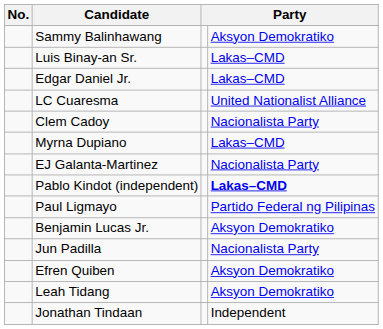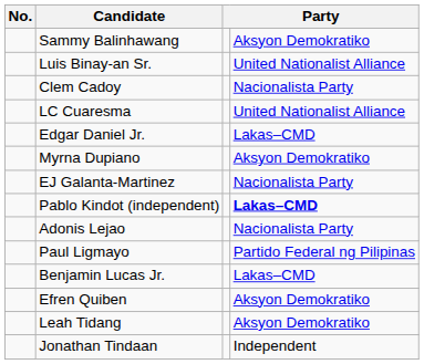 <table class="wikitable sortable" style="text-align:left;">
 <tr>
 <th>No.</th>
 <th>Candidate</th>
 <th colspan="2">Party</th>
 </tr>
 <tr>
 <td></td>
 <td>Sammy Balinhawang</td>
 <td></td>
 <td><a href='#'>Aksyon Demokratiko</a></td>
 </tr>
 <tr>
 <td></td>
 <td>Luis Binay-an Sr.</td>
 <td></td>
-<td><a href='#'>Lakas–CMD</a></td>
-</tr>
-<tr>
-<td></td>
-<td>Edgar Daniel Jr.</td>
-<td></td>
-<td><a href='#'>Lakas–CMD</a></td>
-</tr>
-<tr>
-<td></td>
-<td>LC Cuaresma</td>
-<td></td>
 <td><a href='#'>United Nationalist Alliance</a></td>
 </tr>
 <tr>
 <td></td>
 <td>Clem Cadoy</td>
 <td></td>
 <td><a href='#'>Nacionalista Party</a></td>
 </tr>
 <tr>
 <td></td>
+<td>LC Cuaresma</td>
+<td></td>
+<td><a href='#'>United Nationalist Alliance</a></td>
+</tr>
+<tr>
+<td></td>
+<td>Edgar Daniel Jr.</td>
+<td></td>
+<td><a href='#'>Lakas–CMD</a></td>
+</tr>
+<tr>
+<td></td>
 <td>Myrna Dupiano</td>
 <td></td>
-<td><a href='#'>Lakas–CMD</a></td>
+<td><a href='#'>Aksyon Demokratiko</a></td>
 </tr>
 <tr>
 <td></td>
 <td>EJ Galanta-Martinez</td>
 <td></td>
 <td><a href='#'>Nacionalista Party</a></td>
 </tr>
 <tr>
 <td></td>
 <td>Pablo Kindot (independent)</td>
 <td></td>
 <td><strong><a href='#'>Lakas–CMD</a></strong></td>
 </tr>
 <tr>
 <td></td>
+<td>Adonis Lejao</td>
+<td></td>
+<td><a href='#'>Nacionalista Party</a></td>
+</tr>
+<tr>
+<td></td>
 <td>Paul Ligmayo</td>
 <td></td>
 <td><a href='#'>Partido Federal ng Pilipinas</a></td>
 </tr>
 <tr>
 <td></td>
 <td>Benjamin Lucas Jr.</td>
 <td></td>
-<td><a href='#'>Aksyon Demokratiko</a></td>
-</tr>
-<tr>
-<td></td>
-<td>Jun Padilla</td>
-<td></td>
-<td><a href='#'>Nacionalista Party</a></td>
+<td><a href='#'>Lakas–CMD</a></td>
 </tr>
 <tr>
 <td></td>
 <td>Efren Quiben</td>
 <td></td>
 <td><a href='#'>Aksyon Demokratiko</a></td>
 </tr>
 <tr>
 <td></td>
 <td>Leah Tidang</td>
 <td></td>
 <td><a href='#'>Aksyon Demokratiko</a></td>
 </tr>
 <tr>
 <td></td>
 <td>Jonathan Tindaan</td>
 <td></td>
 <td>Independent</td>
 </tr>
 </table>
